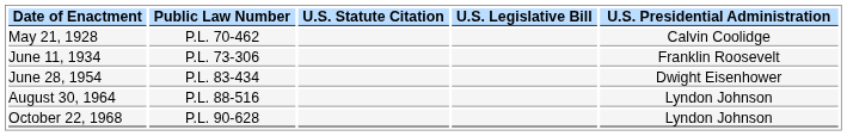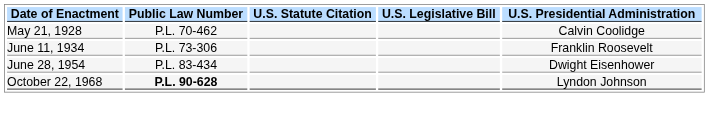 <table style="border:1px solid gray; align:left; width:72%" cellspacing=3 cellpadding=0>
 <tr style="font-weight:bold; text-align:center; background:#bbddff; color:black;">
 <th style=" border-bottom:1.5px solid black">Date of Enactment</th>
 <th style=" border-bottom:1.5px solid black">Public Law Number</th>
 <th style=" border-bottom:1.5px solid black">U.S. Statute Citation</th>
 <th style=" border-bottom:1.5px solid black">U.S. Legislative Bill</th>
 <th style=" border-bottom:1.5px solid black">U.S. Presidential Administration</th>
 </tr>
 <tr>
 <td style="border-bottom:1px solid gray; background:#F5F5F5;">May 21, 1928</td>
 <td style="border-bottom:1px solid gray; background:#F5F5F5; text-align:center;">P.L. 70-462</td>
 <td style="border-bottom:1px solid gray; background:#F5F5F5; text-align:center;"></td>
 <td style="border-bottom:1px solid gray; background:#F5F5F5; text-align:center;"></td>
 <td style="border-bottom:1px solid gray; background:#F5F5F5; text-align:center;">Calvin Coolidge</td>
 </tr>
 <tr>
 <td style="border-bottom:1px solid gray; background:#F5F5F5;">June 11, 1934</td>
 <td style="border-bottom:1px solid gray; background:#F5F5F5; text-align:center;">P.L. 73-306</td>
 <td style="border-bottom:1px solid gray; background:#F5F5F5; text-align:center;"></td>
 <td style="border-bottom:1px solid gray; background:#F5F5F5; text-align:center;"></td>
 <td style="border-bottom:1px solid gray; background:#F5F5F5; text-align:center;">Franklin Roosevelt</td>
 </tr>
 <tr>
 <td style="border-bottom:1px solid gray; background:#F5F5F5;">June 28, 1954</td>
 <td style="border-bottom:1px solid gray; background:#F5F5F5; text-align:center;">P.L. 83-434</td>
 <td style="border-bottom:1px solid gray; background:#F5F5F5; text-align:center;"></td>
 <td style="border-bottom:1px solid gray; background:#F5F5F5; text-align:center;"></td>
 <td style="border-bottom:1px solid gray; background:#F5F5F5; text-align:center;">Dwight Eisenhower</td>
 </tr>
 <tr>
-<td style="border-bottom:1px solid gray; background:#F5F5F5;">August 30, 1964</td>
-<td style="border-bottom:1px solid gray; background:#F5F5F5; text-align:center;">P.L. 88-516</td>
-<td style="border-bottom:1px solid gray; background:#F5F5F5; text-align:center;"></td>
-<td style="border-bottom:1px solid gray; background:#F5F5F5; text-align:center;"></td>
-<td style="border-bottom:1px solid gray; background:#F5F5F5; text-align:center;">Lyndon Johnson</td>
-</tr>
-<tr>
 <td style="border-bottom:1.5px solid black; background:#F5F5F5;">October 22, 1968</td>
-<td style="border-bottom:1.5px solid black; background:#F5F5F5; text-align:center;">P.L. 90-628</td>
+<td style="border-bottom:1.5px solid black; background:#F5F5F5; text-align:center;"><strong>P.L. 90-628</strong></td>
 <td style="border-bottom:1.5px solid black; background:#F5F5F5; text-align:center;"></td>
 <td style="border-bottom:1.5px solid black; background:#F5F5F5; text-align:center;"></td>
 <td style="border-bottom:1.5px solid black; background:#F5F5F5; text-align:center;">Lyndon Johnson</td>
 </tr>
 </table>
